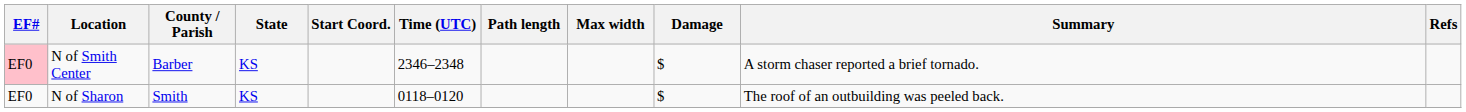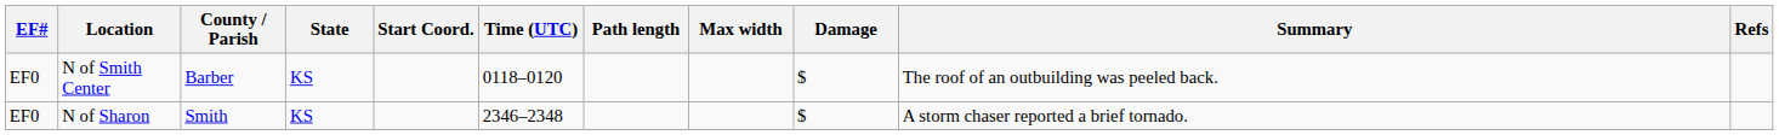 <table class="wikitable sortable" style="width:100%;">
 <tr>
 <th scope="col" width="3%" align="center"><a href='#'>EF#</a></th>
 <th scope="col" width="7%" align="center" class="unsortable">Location</th>
 <th scope="col" width="6%" align="center" class="unsortable">County / Parish</th>
 <th scope="col" width="5%" align="center">State</th>
 <th scope="col" width="6%" align="center">Start Coord.</th>
 <th scope="col" width="6%" align="center">Time (<a href='#'>UTC</a>)</th>
 <th scope="col" width="6%" align="center">Path length</th>
 <th scope="col" width="6%" align="center">Max width</th>
 <th scope="col" width="6%" align="center">Damage</th>
 <th scope="col" width="48%" class="unsortable" align="center">Summary</th>
 <th scope="col" width="48%" class="unsortable" align="center">Refs</th>
 </tr>
 <tr>
-<td style="background: pink;">EF0</td>
+<td>EF0</td>
 <td>N of <a href='#'>Smith Center</a></td>
 <td><a href='#'>Barber</a></td>
+<td><a href='#'>KS</a></td>
+<td></td>
+<td>0118–0120</td>
+<td></td>
+<td></td>
+<td>$</td>
+<td>The roof of an outbuilding was peeled back.</td>
+<td></td>
+</tr>
+<tr>
+<td>EF0</td>
+<td>N of <a href='#'>Sharon</a></td>
+<td><a href='#'>Smith</a></td>
 <td><a href='#'>KS</a></td>
 <td></td>
 <td>2346–2348</td>
 <td></td>
 <td></td>
 <td>$</td>
 <td>A storm chaser reported a brief tornado.</td>
 <td></td>
 </tr>
 <tr>
-<td>EF0</td>
-<td>N of <a href='#'>Sharon</a></td>
-<td><a href='#'>Smith</a></td>
-<td><a href='#'>KS</a></td>
-<td></td>
-<td>0118–0120</td>
-<td></td>
-<td></td>
-<td>$</td>
-<td>The roof of an outbuilding was peeled back.</td>
-<td></td>
-</tr>
-<tr>
 </tr>
 </table>
